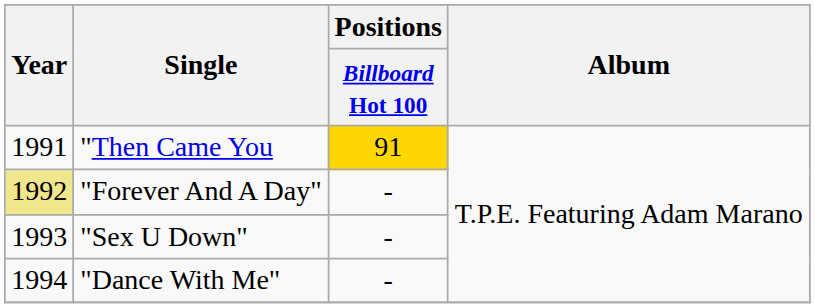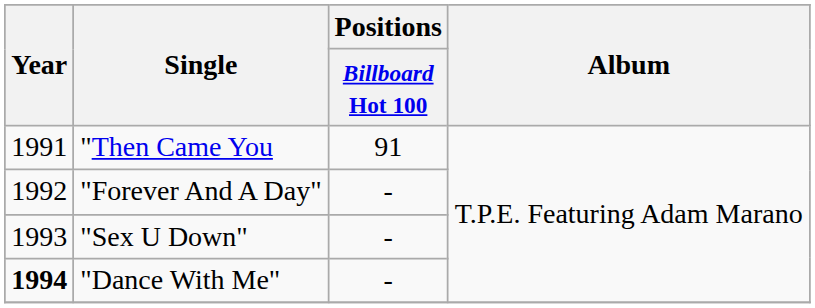 <table Class = "wikitable">
 <tr>
 <th rowspan = "2">Year</th>
 <th rowspan = "2">Single</th>
 <th>Positions</th>
 <th rowspan = "2">Album</th>
 </tr>
 <tr>
 <th width = "40"><small><a href='#'><em>Billboard</em> Hot 100</a></small></th>
 </tr>
 <tr>
 <td align = "center">1991</td>
 <td>"<a href='#'>Then Came You</a></td>
-<td align = "center" style="background: gold;">91</td>
+<td align = "center">91</td>
 <td rowspan = "4">T.P.E. Featuring Adam Marano</td>
 </tr>
 <tr>
-<td align = "center" style="background: khaki;">1992</td>
+<td align = "center">1992</td>
 <td>"Forever And A Day"</td>
 <td align = "center">-</td>
 </tr>
 <tr>
 <td align = "center">1993</td>
 <td>"Sex U Down"</td>
 <td align = "center">-</td>
 </tr>
 <tr>
-<td align = "center">1994</td>
+<td align = "center"><strong>1994</strong></td>
 <td>"Dance With Me"</td>
 <td align = "center">-</td>
 </tr>
 <tr>
 </tr>
 </table>
